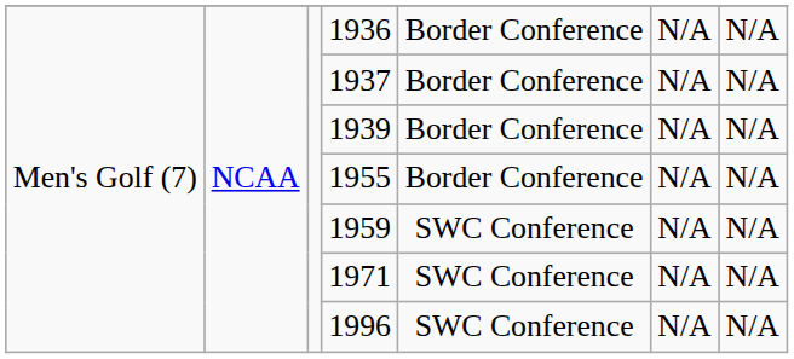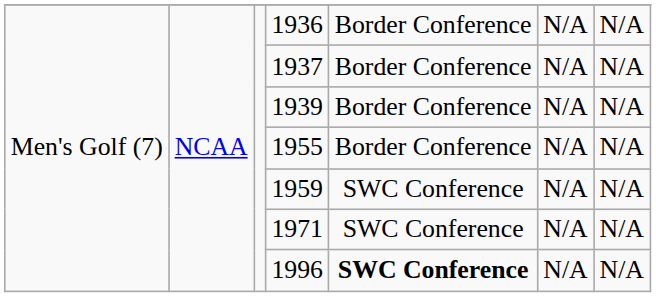 <table class="wikitable">
 <tr align="center">
 </tr>
 <tr align="center">
 <td rowspan="9">Men's Golf (7)</td>
 <td rowspan="9"><a href='#'>NCAA</a></td>
 <td rowspan="9"></td>
 </tr>
 <tr align="center">
 <td>1936</td>
 <td>Border Conference</td>
 <td>N/A</td>
 <td>N/A</td>
 </tr>
 <tr align="center">
 <td>1937</td>
 <td>Border Conference</td>
 <td>N/A</td>
 <td>N/A</td>
 </tr>
 <tr align="center">
 <td>1939</td>
 <td>Border Conference</td>
 <td>N/A</td>
 <td>N/A</td>
 </tr>
 <tr align="center">
 <td>1955</td>
 <td>Border Conference</td>
 <td>N/A</td>
 <td>N/A</td>
 </tr>
 <tr align="center">
 <td>1959</td>
 <td>SWC Conference</td>
 <td>N/A</td>
 <td>N/A</td>
 </tr>
 <tr align="center">
 <td>1971</td>
 <td>SWC Conference</td>
 <td>N/A</td>
 <td>N/A</td>
 </tr>
 <tr align="center">
 <td>1996</td>
-<td>SWC Conference</td>
+<td><strong>SWC Conference</strong></td>
 <td>N/A</td>
 <td>N/A</td>
 </tr>
 </table>
